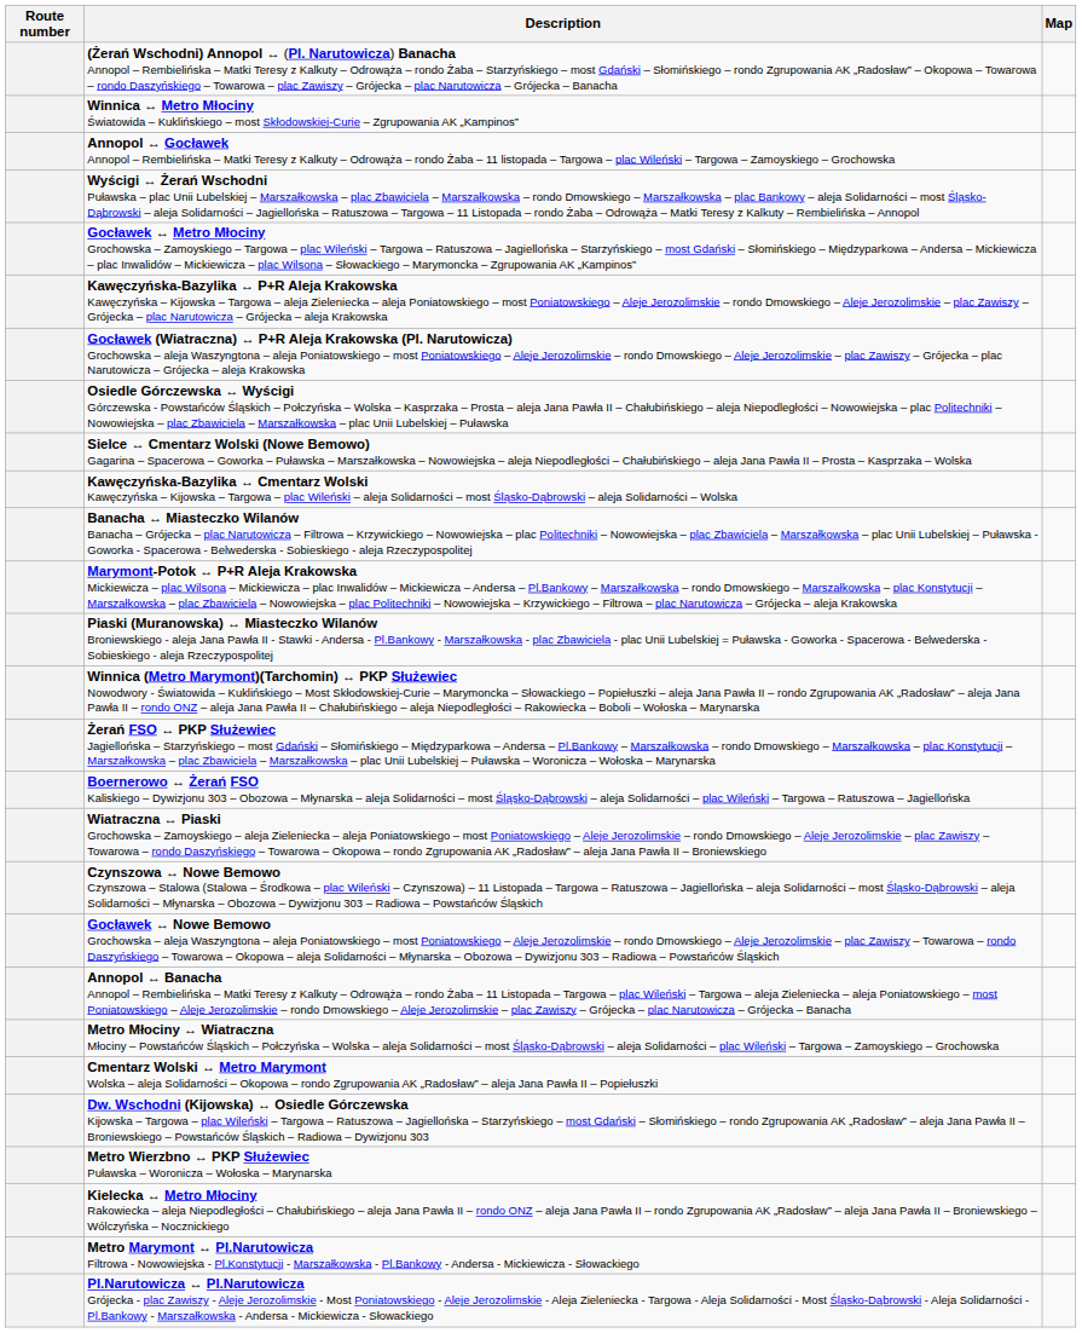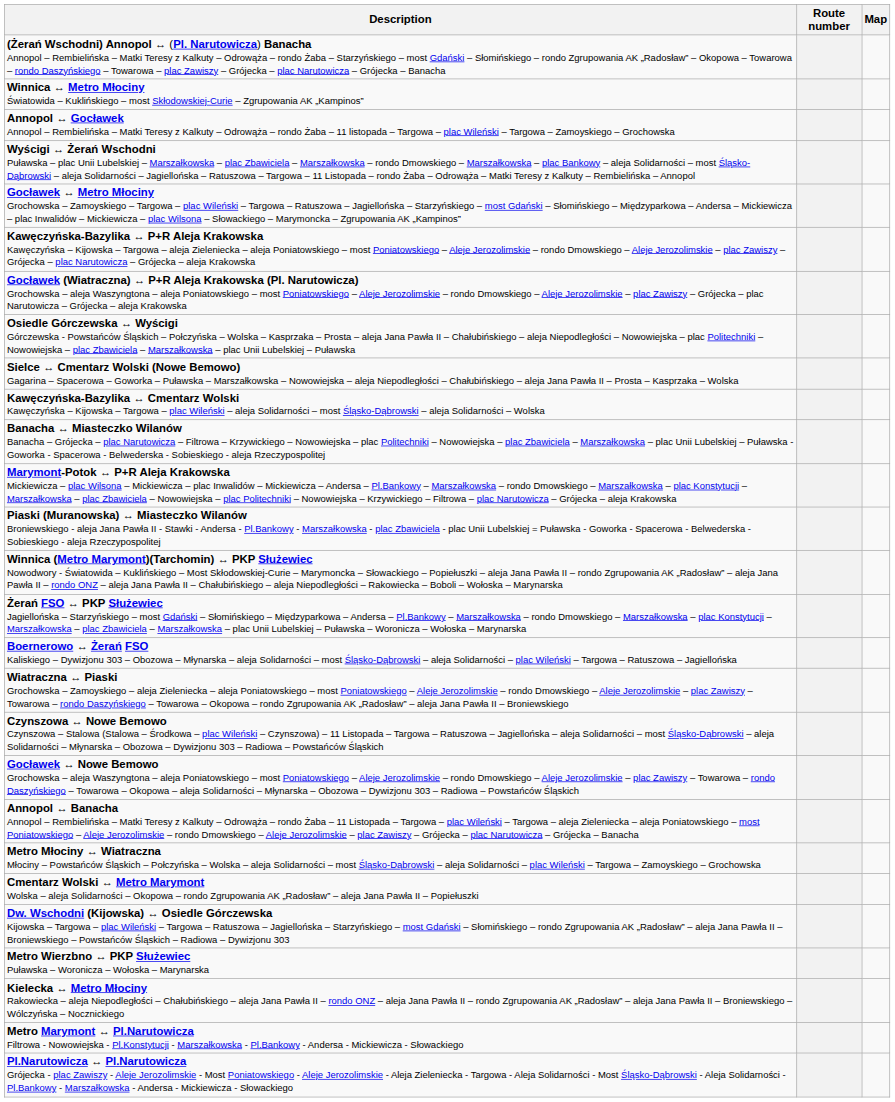 <table class="wikitable">
 <tr>
+<th>Description</th>
 <th>Route number</th>
-<th>Description</th>
 <th>Map</th>
 </tr>
 <tr>
+<td><strong>(Żerań Wschodni) Annopol</strong> ↔ (<strong><a href='#'>Pl. Narutowicza</a></strong>) <strong>Banacha</strong><br><small>Annopol – Rembielińska – Matki Teresy z Kalkuty – Odrowąża – rondo Żaba – Starzyńskiego – most <a href='#'>Gdański</a> – Słomińskiego – rondo Zgrupowania AK „Radosław” – Okopowa – Towarowa – <a href='#'>rondo Daszyńskiego</a> – Towarowa – <a href='#'>plac Zawiszy</a> – Grójecka – <a href='#'>plac Narutowicza</a> – Grójecka – Banacha</small></td>
 <th></th>
-<td><strong>(Żerań Wschodni) Annopol</strong> ↔ (<strong><a href='#'>Pl. Narutowicza</a></strong>) <strong>Banacha</strong><br><small>Annopol – Rembielińska – Matki Teresy z Kalkuty – Odrowąża – rondo Żaba – Starzyńskiego – most <a href='#'>Gdański</a> – Słomińskiego – rondo Zgrupowania AK „Radosław” – Okopowa – Towarowa – <a href='#'>rondo Daszyńskiego</a> – Towarowa – <a href='#'>plac Zawiszy</a> – Grójecka – <a href='#'>plac Narutowicza</a> – Grójecka – Banacha</small></td>
 <td></td>
 </tr>
 <tr>
+<td><strong>Winnica</strong> ↔ <strong><a href='#'>Metro Młociny</a></strong><br><small>Światowida – Kuklińskiego – most <a href='#'>Skłodowskiej-Curie</a> – Zgrupowania AK „Kampinos”</small></td>
 <th></th>
-<td><strong>Winnica</strong> ↔ <strong><a href='#'>Metro Młociny</a></strong><br><small>Światowida – Kuklińskiego – most <a href='#'>Skłodowskiej-Curie</a> – Zgrupowania AK „Kampinos”</small></td>
 <td></td>
 </tr>
 <tr>
+<td><strong>Annopol</strong> ↔ <strong><a href='#'>Gocławek</a></strong><br><small>Annopol – Rembielińska – Matki Teresy z Kalkuty – Odrowąża – rondo Żaba – 11 listopada – Targowa – <a href='#'>plac Wileński</a> – Targowa – Zamoyskiego – Grochowska</small></td>
 <th></th>
-<td><strong>Annopol</strong> ↔ <strong><a href='#'>Gocławek</a></strong><br><small>Annopol – Rembielińska – Matki Teresy z Kalkuty – Odrowąża – rondo Żaba – 11 listopada – Targowa – <a href='#'>plac Wileński</a> – Targowa – Zamoyskiego – Grochowska</small></td>
 <td></td>
 </tr>
 <tr>
+<td><strong>Wyścigi</strong> ↔ <strong>Żerań Wschodni</strong><br><small>Puławska – plac Unii Lubelskiej – <a href='#'>Marszałkowska</a> – <a href='#'>plac Zbawiciela</a> – <a href='#'>Marszałkowska</a> – rondo Dmowskiego – <a href='#'>Marszałkowska</a> – <a href='#'>plac Bankowy</a> – aleja Solidarności – most <a href='#'>Śląsko-Dąbrowski</a> – aleja Solidarności – Jagiellońska – Ratuszowa – Targowa – 11 Listopada – rondo Żaba – Odrowąża – Matki Teresy z Kalkuty – Rembielińska – Annopol</small></td>
 <th></th>
-<td><strong>Wyścigi</strong> ↔ <strong>Żerań Wschodni</strong><br><small>Puławska – plac Unii Lubelskiej – <a href='#'>Marszałkowska</a> – <a href='#'>plac Zbawiciela</a> – <a href='#'>Marszałkowska</a> – rondo Dmowskiego – <a href='#'>Marszałkowska</a> – <a href='#'>plac Bankowy</a> – aleja Solidarności – most <a href='#'>Śląsko-Dąbrowski</a> – aleja Solidarności – Jagiellońska – Ratuszowa – Targowa – 11 Listopada – rondo Żaba – Odrowąża – Matki Teresy z Kalkuty – Rembielińska – Annopol</small></td>
 <td></td>
 </tr>
 <tr>
+<td><strong><a href='#'>Gocławek</a></strong> ↔ <strong><a href='#'>Metro Młociny</a></strong><br><small>Grochowska – Zamoyskiego – Targowa – <a href='#'>plac Wileński</a> – Targowa – Ratuszowa – Jagiellońska – Starzyńskiego – <a href='#'>most Gdański</a> – Słomińskiego – Międzyparkowa – Andersa – Mickiewicza – plac Inwalidów – Mickiewicza – <a href='#'>plac Wilsona</a> – Słowackiego – Marymoncka – Zgrupowania AK „Kampinos”</small></td>
 <th></th>
-<td><strong><a href='#'>Gocławek</a></strong> ↔ <strong><a href='#'>Metro Młociny</a></strong><br><small>Grochowska – Zamoyskiego – Targowa – <a href='#'>plac Wileński</a> – Targowa – Ratuszowa – Jagiellońska – Starzyńskiego – <a href='#'>most Gdański</a> – Słomińskiego – Międzyparkowa – Andersa – Mickiewicza – plac Inwalidów – Mickiewicza – <a href='#'>plac Wilsona</a> – Słowackiego – Marymoncka – Zgrupowania AK „Kampinos”</small></td>
 <td></td>
 </tr>
 <tr>
+<td><strong>Kawęczyńska-Bazylika</strong> ↔ <strong>P+R Aleja Krakowska</strong><br><small>Kawęczyńska – Kijowska – Targowa – aleja Zieleniecka – aleja Poniatowskiego – most <a href='#'>Poniatowskiego</a> – <a href='#'>Aleje Jerozolimskie</a> – rondo Dmowskiego – <a href='#'>Aleje Jerozolimskie</a> – <a href='#'>plac Zawiszy</a> – Grójecka – <a href='#'>plac Narutowicza</a> – Grójecka – aleja Krakowska</small></td>
 <th></th>
-<td><strong>Kawęczyńska-Bazylika</strong> ↔ <strong>P+R Aleja Krakowska</strong><br><small>Kawęczyńska – Kijowska – Targowa – aleja Zieleniecka – aleja Poniatowskiego – most <a href='#'>Poniatowskiego</a> – <a href='#'>Aleje Jerozolimskie</a> – rondo Dmowskiego – <a href='#'>Aleje Jerozolimskie</a> – <a href='#'>plac Zawiszy</a> – Grójecka – <a href='#'>plac Narutowicza</a> – Grójecka – aleja Krakowska</small></td>
 <td></td>
 </tr>
 <tr>
+<td><strong><a href='#'>Gocławek</a> (Wiatraczna) ↔</strong> <strong>P+R Aleja Krakowska (Pl. Narutowicza) <br></strong><small>Grochowska – aleja Waszyngtona – aleja Poniatowskiego – most <a href='#'>Poniatowskiego</a> – <a href='#'>Aleje Jerozolimskie</a> – rondo Dmowskiego – <a href='#'>Aleje Jerozolimskie</a> – <a href='#'>plac Zawiszy</a> – Grójecka – plac Narutowicza – Grójecka – aleja Krakowska</small></td>
 <th></th>
-<td><strong><a href='#'>Gocławek</a> (Wiatraczna) ↔</strong> <strong>P+R Aleja Krakowska (Pl. Narutowicza) <br></strong><small>Grochowska – aleja Waszyngtona – aleja Poniatowskiego – most <a href='#'>Poniatowskiego</a> – <a href='#'>Aleje Jerozolimskie</a> – rondo Dmowskiego – <a href='#'>Aleje Jerozolimskie</a> – <a href='#'>plac Zawiszy</a> – Grójecka – plac Narutowicza – Grójecka – aleja Krakowska</small></td>
 <td></td>
 </tr>
 <tr>
+<td><strong>Osiedle Górczewska</strong> ↔ <strong>Wyścigi</strong><br><small>Górczewska - Powstańców Śląskich – Połczyńska – Wolska – Kasprzaka – Prosta – aleja Jana Pawła II – Chałubińskiego – aleja Niepodległości – Nowowiejska – plac <a href='#'>Politechniki</a> – Nowowiejska – <a href='#'>plac Zbawiciela</a> – <a href='#'>Marszałkowska</a> – plac Unii Lubelskiej – Puławska</small></td>
 <th></th>
-<td><strong>Osiedle Górczewska</strong> ↔ <strong>Wyścigi</strong><br><small>Górczewska - Powstańców Śląskich – Połczyńska – Wolska – Kasprzaka – Prosta – aleja Jana Pawła II – Chałubińskiego – aleja Niepodległości – Nowowiejska – plac <a href='#'>Politechniki</a> – Nowowiejska – <a href='#'>plac Zbawiciela</a> – <a href='#'>Marszałkowska</a> – plac Unii Lubelskiej – Puławska</small></td>
 <td></td>
 </tr>
 <tr>
+<td><strong>Sielce ↔ Cmentarz Wolski (Nowe Bemowo)</strong><br><small>Gagarina – Spacerowa – Goworka – Puławska – Marszałkowska – Nowowiejska – aleja Niepodległości – Chałubińskiego – aleja Jana Pawła II – Prosta – Kasprzaka – Wolska</small></td>
 <th></th>
-<td><strong>Sielce ↔ Cmentarz Wolski (Nowe Bemowo)</strong><br><small>Gagarina – Spacerowa – Goworka – Puławska – Marszałkowska – Nowowiejska – aleja Niepodległości – Chałubińskiego – aleja Jana Pawła II – Prosta – Kasprzaka – Wolska</small></td>
 <td></td>
 </tr>
 <tr>
+<td><strong>Kawęczyńska-Bazylika</strong> ↔ <strong>Cmentarz Wolski</strong><br><small>Kawęczyńska – Kijowska – Targowa – <a href='#'>plac Wileński</a> – aleja Solidarności – most <a href='#'>Śląsko-Dąbrowski</a> – aleja Solidarności – Wolska</small></td>
 <th></th>
-<td><strong>Kawęczyńska-Bazylika</strong> ↔ <strong>Cmentarz Wolski</strong><br><small>Kawęczyńska – Kijowska – Targowa – <a href='#'>plac Wileński</a> – aleja Solidarności – most <a href='#'>Śląsko-Dąbrowski</a> – aleja Solidarności – Wolska</small></td>
 <td></td>
 </tr>
 <tr>
+<td><strong>Banacha</strong> ↔ <strong>Miasteczko Wilanów</strong><br><small>Banacha – Grójecka – <a href='#'>plac Narutowicza</a> – Filtrowa – Krzywickiego – Nowowiejska – plac <a href='#'>Politechniki</a> – Nowowiejska – <a href='#'>plac Zbawiciela</a> – <a href='#'>Marszałkowska</a> – plac Unii Lubelskiej – Puławska - Goworka - Spacerowa - Belwederska - Sobieskiego - aleja Rzeczypospolitej</small></td>
 <th></th>
-<td><strong>Banacha</strong> ↔ <strong>Miasteczko Wilanów</strong><br><small>Banacha – Grójecka – <a href='#'>plac Narutowicza</a> – Filtrowa – Krzywickiego – Nowowiejska – plac <a href='#'>Politechniki</a> – Nowowiejska – <a href='#'>plac Zbawiciela</a> – <a href='#'>Marszałkowska</a> – plac Unii Lubelskiej – Puławska - Goworka - Spacerowa - Belwederska - Sobieskiego - aleja Rzeczypospolitej</small></td>
 <td></td>
 </tr>
 <tr>
+<td><strong><a href='#'>Marymont</a>-Potok</strong> ↔ <strong>P+R Aleja Krakowska</strong><br><small>Mickiewicza – <a href='#'>plac Wilsona</a> – Mickiewicza – plac Inwalidów – Mickiewicza – Andersa – <a href='#'>Pl.Bankowy</a> – <a href='#'>Marszałkowska</a> – rondo Dmowskiego – <a href='#'>Marszałkowska</a> – <a href='#'>plac Konstytucji</a> – <a href='#'>Marszałkowska</a> – <a href='#'>plac Zbawiciela</a> – Nowowiejska – <a href='#'>plac Politechniki</a> – Nowowiejska – Krzywickiego – Filtrowa – <a href='#'>plac Narutowicza</a> – Grójecka – aleja Krakowska</small></td>
 <th></th>
-<td><strong><a href='#'>Marymont</a>-Potok</strong> ↔ <strong>P+R Aleja Krakowska</strong><br><small>Mickiewicza – <a href='#'>plac Wilsona</a> – Mickiewicza – plac Inwalidów – Mickiewicza – Andersa – <a href='#'>Pl.Bankowy</a> – <a href='#'>Marszałkowska</a> – rondo Dmowskiego – <a href='#'>Marszałkowska</a> – <a href='#'>plac Konstytucji</a> – <a href='#'>Marszałkowska</a> – <a href='#'>plac Zbawiciela</a> – Nowowiejska – <a href='#'>plac Politechniki</a> – Nowowiejska – Krzywickiego – Filtrowa – <a href='#'>plac Narutowicza</a> – Grójecka – aleja Krakowska</small></td>
 <td></td>
 </tr>
 <tr>
+<td><strong>Piaski (Muranowska)</strong> ↔ <strong>Miasteczko Wilanów</strong><br><small>Broniewskiego - aleja Jana Pawła II - Stawki - Andersa - <a href='#'>Pl.Bankowy</a> - <a href='#'>Marszałkowska</a> - <a href='#'>plac Zbawiciela</a> - plac Unii Lubelskiej = Puławska - Goworka - Spacerowa - Belwederska - Sobieskiego - aleja Rzeczypospolitej</small></td>
 <th></th>
-<td><strong>Piaski (Muranowska)</strong> ↔ <strong>Miasteczko Wilanów</strong><br><small>Broniewskiego - aleja Jana Pawła II - Stawki - Andersa - <a href='#'>Pl.Bankowy</a> - <a href='#'>Marszałkowska</a> - <a href='#'>plac Zbawiciela</a> - plac Unii Lubelskiej = Puławska - Goworka - Spacerowa - Belwederska - Sobieskiego - aleja Rzeczypospolitej</small></td>
 <td></td>
 </tr>
 <tr>
+<td><strong>Winnica (<a href='#'>Metro Marymont</a>)(Tarchomin)</strong> ↔ <strong>PKP <a href='#'>Służewiec</a></strong><br><small>Nowodwory - Światowida – Kuklińskiego – Most Skłodowskiej-Curie – Marymoncka – Słowackiego – Popiełuszki – aleja Jana Pawła II – rondo Zgrupowania AK „Radosław” – aleja Jana Pawła II – <a href='#'>rondo ONZ</a> – aleja Jana Pawła II – Chałubińskiego – aleja Niepodległości – Rakowiecka – Boboli – Wołoska – Marynarska</small></td>
 <th></th>
-<td><strong>Winnica (<a href='#'>Metro Marymont</a>)(Tarchomin)</strong> ↔ <strong>PKP <a href='#'>Służewiec</a></strong><br><small>Nowodwory - Światowida – Kuklińskiego – Most Skłodowskiej-Curie – Marymoncka – Słowackiego – Popiełuszki – aleja Jana Pawła II – rondo Zgrupowania AK „Radosław” – aleja Jana Pawła II – <a href='#'>rondo ONZ</a> – aleja Jana Pawła II – Chałubińskiego – aleja Niepodległości – Rakowiecka – Boboli – Wołoska – Marynarska</small></td>
 <td></td>
 </tr>
 <tr>
+<td><strong>Żerań <a href='#'>FSO</a></strong> ↔ <strong>PKP <a href='#'>Służewiec</a></strong><br><small>Jagiellońska – Starzyńskiego – most <a href='#'>Gdański</a> – Słomińskiego – Międzyparkowa – Andersa – <a href='#'>Pl.Bankowy</a> – <a href='#'>Marszałkowska</a> – rondo Dmowskiego – <a href='#'>Marszałkowska</a> – <a href='#'>plac Konstytucji</a> – <a href='#'>Marszałkowska</a> – <a href='#'>plac Zbawiciela</a> – <a href='#'>Marszałkowska</a> – plac Unii Lubelskiej – Puławska – Woronicza – Wołoska – Marynarska</small></td>
 <th></th>
-<td><strong>Żerań <a href='#'>FSO</a></strong> ↔ <strong>PKP <a href='#'>Służewiec</a></strong><br><small>Jagiellońska – Starzyńskiego – most <a href='#'>Gdański</a> – Słomińskiego – Międzyparkowa – Andersa – <a href='#'>Pl.Bankowy</a> – <a href='#'>Marszałkowska</a> – rondo Dmowskiego – <a href='#'>Marszałkowska</a> – <a href='#'>plac Konstytucji</a> – <a href='#'>Marszałkowska</a> – <a href='#'>plac Zbawiciela</a> – <a href='#'>Marszałkowska</a> – plac Unii Lubelskiej – Puławska – Woronicza – Wołoska – Marynarska</small></td>
 <td></td>
 </tr>
 <tr>
+<td><strong><a href='#'>Boernerowo</a></strong> ↔ <strong><a href='#'>Żerań</a> <a href='#'>FSO</a></strong><br><small>Kaliskiego – Dywizjonu 303 – Obozowa – Młynarska – aleja Solidarności – most <a href='#'>Śląsko-Dąbrowski</a> – aleja Solidarności – <a href='#'>plac Wileński</a> – Targowa – Ratuszowa – Jagiellońska</small></td>
 <th></th>
-<td><strong><a href='#'>Boernerowo</a></strong> ↔ <strong><a href='#'>Żerań</a> <a href='#'>FSO</a></strong><br><small>Kaliskiego – Dywizjonu 303 – Obozowa – Młynarska – aleja Solidarności – most <a href='#'>Śląsko-Dąbrowski</a> – aleja Solidarności – <a href='#'>plac Wileński</a> – Targowa – Ratuszowa – Jagiellońska</small></td>
 <td></td>
 </tr>
 <tr>
+<td><strong>Wiatraczna</strong> ↔ <strong>Piaski</strong><br><small>Grochowska – Zamoyskiego – aleja Zieleniecka – aleja Poniatowskiego – most <a href='#'>Poniatowskiego</a> – <a href='#'>Aleje Jerozolimskie</a> – rondo Dmowskiego – <a href='#'>Aleje Jerozolimskie</a> – <a href='#'>plac Zawiszy</a> – Towarowa – <a href='#'>rondo Daszyńskiego</a> – Towarowa – Okopowa – rondo Zgrupowania AK „Radosław” – aleja Jana Pawła II – Broniewskiego</small></td>
 <th></th>
-<td><strong>Wiatraczna</strong> ↔ <strong>Piaski</strong><br><small>Grochowska – Zamoyskiego – aleja Zieleniecka – aleja Poniatowskiego – most <a href='#'>Poniatowskiego</a> – <a href='#'>Aleje Jerozolimskie</a> – rondo Dmowskiego – <a href='#'>Aleje Jerozolimskie</a> – <a href='#'>plac Zawiszy</a> – Towarowa – <a href='#'>rondo Daszyńskiego</a> – Towarowa – Okopowa – rondo Zgrupowania AK „Radosław” – aleja Jana Pawła II – Broniewskiego</small></td>
 <td></td>
 </tr>
 <tr>
+<td><strong>Czynszowa</strong> ↔ <strong>Nowe Bemowo</strong><br><small>Czynszowa – Stalowa (Stalowa – Środkowa – <a href='#'>plac Wileński</a> – Czynszowa) – 11 Listopada – Targowa – Ratuszowa – Jagiellońska – aleja Solidarności – most <a href='#'>Śląsko-Dąbrowski</a> – aleja Solidarności – Młynarska – Obozowa – Dywizjonu 303 – Radiowa – Powstańców Śląskich</small></td>
 <th></th>
-<td><strong>Czynszowa</strong> ↔ <strong>Nowe Bemowo</strong><br><small>Czynszowa – Stalowa (Stalowa – Środkowa – <a href='#'>plac Wileński</a> – Czynszowa) – 11 Listopada – Targowa – Ratuszowa – Jagiellońska – aleja Solidarności – most <a href='#'>Śląsko-Dąbrowski</a> – aleja Solidarności – Młynarska – Obozowa – Dywizjonu 303 – Radiowa – Powstańców Śląskich</small></td>
 <td></td>
 </tr>
 <tr>
+<td><strong><a href='#'>Gocławek</a></strong> ↔ <strong>Nowe Bemowo</strong><br><small>Grochowska – aleja Waszyngtona – aleja Poniatowskiego – most <a href='#'>Poniatowskiego</a> – <a href='#'>Aleje Jerozolimskie</a> – rondo Dmowskiego – <a href='#'>Aleje Jerozolimskie</a> – <a href='#'>plac Zawiszy</a> – Towarowa – <a href='#'>rondo Daszyńskiego</a> – Towarowa – Okopowa – aleja Solidarności – Młynarska – Obozowa – Dywizjonu 303 – Radiowa – Powstańców Śląskich</small></td>
 <th></th>
-<td><strong><a href='#'>Gocławek</a></strong> ↔ <strong>Nowe Bemowo</strong><br><small>Grochowska – aleja Waszyngtona – aleja Poniatowskiego – most <a href='#'>Poniatowskiego</a> – <a href='#'>Aleje Jerozolimskie</a> – rondo Dmowskiego – <a href='#'>Aleje Jerozolimskie</a> – <a href='#'>plac Zawiszy</a> – Towarowa – <a href='#'>rondo Daszyńskiego</a> – Towarowa – Okopowa – aleja Solidarności – Młynarska – Obozowa – Dywizjonu 303 – Radiowa – Powstańców Śląskich</small></td>
 <td></td>
 </tr>
 <tr>
+<td><strong>Annopol</strong> ↔ <strong>Banacha</strong><br><small>Annopol – Rembielińska – Matki Teresy z Kalkuty – Odrowąża – rondo Żaba – 11 Listopada – Targowa – <a href='#'>plac Wileński</a> – Targowa – aleja Zieleniecka – aleja Poniatowskiego – <a href='#'>most Poniatowskiego</a> – <a href='#'>Aleje Jerozolimskie</a> – rondo Dmowskiego – <a href='#'>Aleje Jerozolimskie</a> – <a href='#'>plac Zawiszy</a> – Grójecka – <a href='#'>plac Narutowicza</a> – Grójecka – Banacha</small><br></td>
 <th></th>
-<td><strong>Annopol</strong> ↔ <strong>Banacha</strong><br><small>Annopol – Rembielińska – Matki Teresy z Kalkuty – Odrowąża – rondo Żaba – 11 Listopada – Targowa – <a href='#'>plac Wileński</a> – Targowa – aleja Zieleniecka – aleja Poniatowskiego – <a href='#'>most Poniatowskiego</a> – <a href='#'>Aleje Jerozolimskie</a> – rondo Dmowskiego – <a href='#'>Aleje Jerozolimskie</a> – <a href='#'>plac Zawiszy</a> – Grójecka – <a href='#'>plac Narutowicza</a> – Grójecka – Banacha</small><br></td>
 <td></td>
 </tr>
 <tr>
+<td><strong>Metro Młociny</strong> ↔ <strong>Wiatraczna</strong><br><small>Młociny – Powstańców Śląskich – Połczyńska – Wolska – aleja Solidarności – most <a href='#'>Śląsko-Dąbrowski</a> – aleja Solidarności – <a href='#'>plac Wileński</a> – Targowa – Zamoyskiego – Grochowska</small></td>
 <th></th>
-<td><strong>Metro Młociny</strong> ↔ <strong>Wiatraczna</strong><br><small>Młociny – Powstańców Śląskich – Połczyńska – Wolska – aleja Solidarności – most <a href='#'>Śląsko-Dąbrowski</a> – aleja Solidarności – <a href='#'>plac Wileński</a> – Targowa – Zamoyskiego – Grochowska</small></td>
 <td></td>
 </tr>
 <tr>
+<td><strong>Cmentarz Wolski</strong> ↔ <strong><a href='#'>Metro Marymont</a></strong><br><small>Wolska – aleja Solidarności – Okopowa – rondo Zgrupowania AK „Radosław” – aleja Jana Pawła II – Popiełuszki</small></td>
 <th></th>
-<td><strong>Cmentarz Wolski</strong> ↔ <strong><a href='#'>Metro Marymont</a></strong><br><small>Wolska – aleja Solidarności – Okopowa – rondo Zgrupowania AK „Radosław” – aleja Jana Pawła II – Popiełuszki</small></td>
 <td></td>
 </tr>
 <tr>
+<td><strong><a href='#'>Dw. Wschodni</a> (Kijowska)</strong> ↔ <strong>Osiedle Górczewska</strong><br><small>Kijowska – Targowa – <a href='#'>plac Wileński</a> – Targowa – Ratuszowa – Jagiellońska – Starzyńskiego – <a href='#'>most Gdański</a> – Słomińskiego – rondo Zgrupowania AK „Radosław” – aleja Jana Pawła II – Broniewskiego – Powstańców Śląskich – Radiowa – Dywizjonu 303</small></td>
 <th></th>
-<td><strong><a href='#'>Dw. Wschodni</a> (Kijowska)</strong> ↔ <strong>Osiedle Górczewska</strong><br><small>Kijowska – Targowa – <a href='#'>plac Wileński</a> – Targowa – Ratuszowa – Jagiellońska – Starzyńskiego – <a href='#'>most Gdański</a> – Słomińskiego – rondo Zgrupowania AK „Radosław” – aleja Jana Pawła II – Broniewskiego – Powstańców Śląskich – Radiowa – Dywizjonu 303</small></td>
 <td></td>
 </tr>
 <tr>
+<td><strong>Metro Wierzbno</strong> ↔ <strong>PKP <a href='#'>Służewiec</a></strong><br><small>Puławska – Woronicza – Wołoska – Marynarska</small><br></td>
 <th></th>
-<td><strong>Metro Wierzbno</strong> ↔ <strong>PKP <a href='#'>Służewiec</a></strong><br><small>Puławska – Woronicza – Wołoska – Marynarska</small><br></td>
 <td></td>
 </tr>
 <tr>
+<td><strong>Kielecka</strong> ↔ <strong><a href='#'>Metro Młociny</a></strong><br><small>Rakowiecka – aleja Niepodległości – Chałubińskiego – aleja Jana Pawła II – <a href='#'>rondo ONZ</a> – aleja Jana Pawła II – rondo Zgrupowania AK „Radosław” – aleja Jana Pawła II – Broniewskiego – Wólczyńska – Nocznickiego</small></td>
 <th></th>
-<td><strong>Kielecka</strong> ↔ <strong><a href='#'>Metro Młociny</a></strong><br><small>Rakowiecka – aleja Niepodległości – Chałubińskiego – aleja Jana Pawła II – <a href='#'>rondo ONZ</a> – aleja Jana Pawła II – rondo Zgrupowania AK „Radosław” – aleja Jana Pawła II – Broniewskiego – Wólczyńska – Nocznickiego</small></td>
 <td></td>
 </tr>
 <tr>
+<td><strong>Metro <a href='#'>Marymont</a></strong> ↔ <strong><a href='#'>Pl.Narutowicza</a></strong><br><small>Filtrowa - Nowowiejska - <a href='#'>Pl.Konstytucji</a> - <a href='#'>Marszałkowska</a> - <a href='#'>Pl.Bankowy</a> - Andersa - Mickiewicza - Słowackiego</small><br></td>
 <th></th>
-<td><strong>Metro <a href='#'>Marymont</a></strong> ↔ <strong><a href='#'>Pl.Narutowicza</a></strong><br><small>Filtrowa - Nowowiejska - <a href='#'>Pl.Konstytucji</a> - <a href='#'>Marszałkowska</a> - <a href='#'>Pl.Bankowy</a> - Andersa - Mickiewicza - Słowackiego</small><br></td>
 <td></td>
 </tr>
 <tr>
+<td><strong><a href='#'>Pl.Narutowicza</a></strong> ↔ <strong><a href='#'>Pl.Narutowicza</a></strong><br><small>Grójecka - <a href='#'>plac Zawiszy</a> - <a href='#'>Aleje Jerozolimskie</a> - Most <a href='#'>Poniatowskiego</a> - <a href='#'>Aleje Jerozolimskie</a> - Aleja Zieleniecka - Targowa - Aleja Solidarności - Most <a href='#'>Śląsko-Dąbrowski</a> - Aleja Solidarności - <a href='#'>Pl.Bankowy</a> - <a href='#'>Marszałkowska</a> - Andersa - Mickiewicza - Słowackiego</small><br></td>
 <th></th>
-<td><strong><a href='#'>Pl.Narutowicza</a></strong> ↔ <strong><a href='#'>Pl.Narutowicza</a></strong><br><small>Grójecka - <a href='#'>plac Zawiszy</a> - <a href='#'>Aleje Jerozolimskie</a> - Most <a href='#'>Poniatowskiego</a> - <a href='#'>Aleje Jerozolimskie</a> - Aleja Zieleniecka - Targowa - Aleja Solidarności - Most <a href='#'>Śląsko-Dąbrowski</a> - Aleja Solidarności - <a href='#'>Pl.Bankowy</a> - <a href='#'>Marszałkowska</a> - Andersa - Mickiewicza - Słowackiego</small><br></td>
 <td></td>
 </tr>
 </table>
